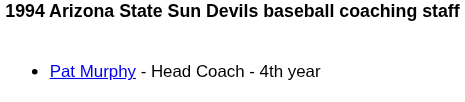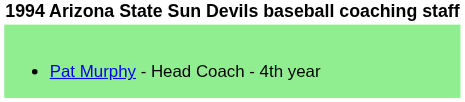 <table class="toccolours">
 <tr>
 <th colspan=9>1994 Arizona State Sun Devils baseball coaching staff</th>
 </tr>
 <tr>
-<td style="text-align: left; font-size: 95%;" valign="top"><br><ul><li><a href='#'>Pat Murphy</a> - Head Coach - 4th year</li></ul></td>
+<td style="background: lightgreen; text-align: left; font-size: 95%;" valign="top"><br><ul><li><a href='#'>Pat Murphy</a> - Head Coach - 4th year</li></ul></td>
 </tr>
 </table>
